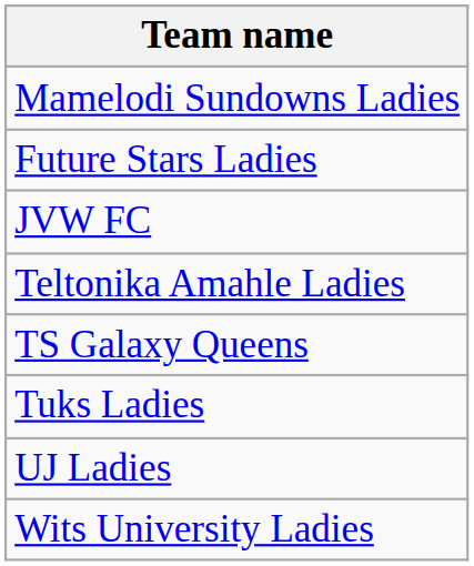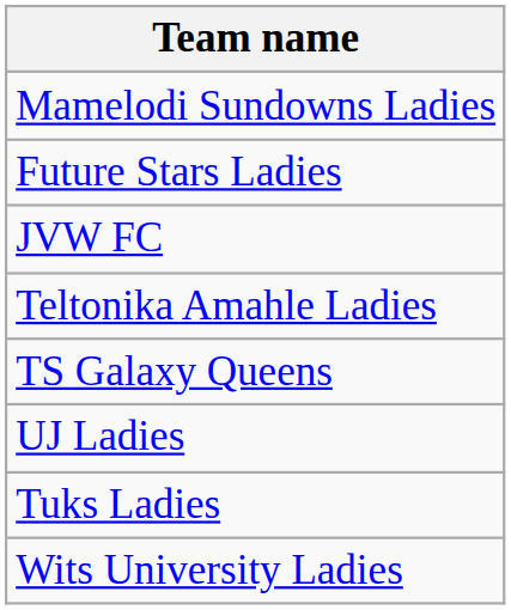 <table class="wikitable">
 <tr>
 <th>Team name</th>
 </tr>
 <tr>
 <td><a href='#'>Mamelodi Sundowns Ladies</a></td>
 </tr>
 <tr>
 <td><a href='#'>Future Stars Ladies</a></td>
 </tr>
 <tr>
 <td><a href='#'>JVW FC</a></td>
 </tr>
 <tr>
 <td><a href='#'>Teltonika Amahle Ladies</a></td>
 </tr>
 <tr>
 <td><a href='#'>TS Galaxy Queens</a></td>
 </tr>
 <tr>
-<td><a href='#'> Tuks Ladies</a></td>
+<td><a href='#'>UJ Ladies</a></td>
 </tr>
 <tr>
-<td><a href='#'>UJ Ladies</a></td>
+<td><a href='#'> Tuks Ladies</a></td>
 </tr>
 <tr>
 <td><a href='#'>Wits University Ladies</a></td>
 </tr>
 </table>
